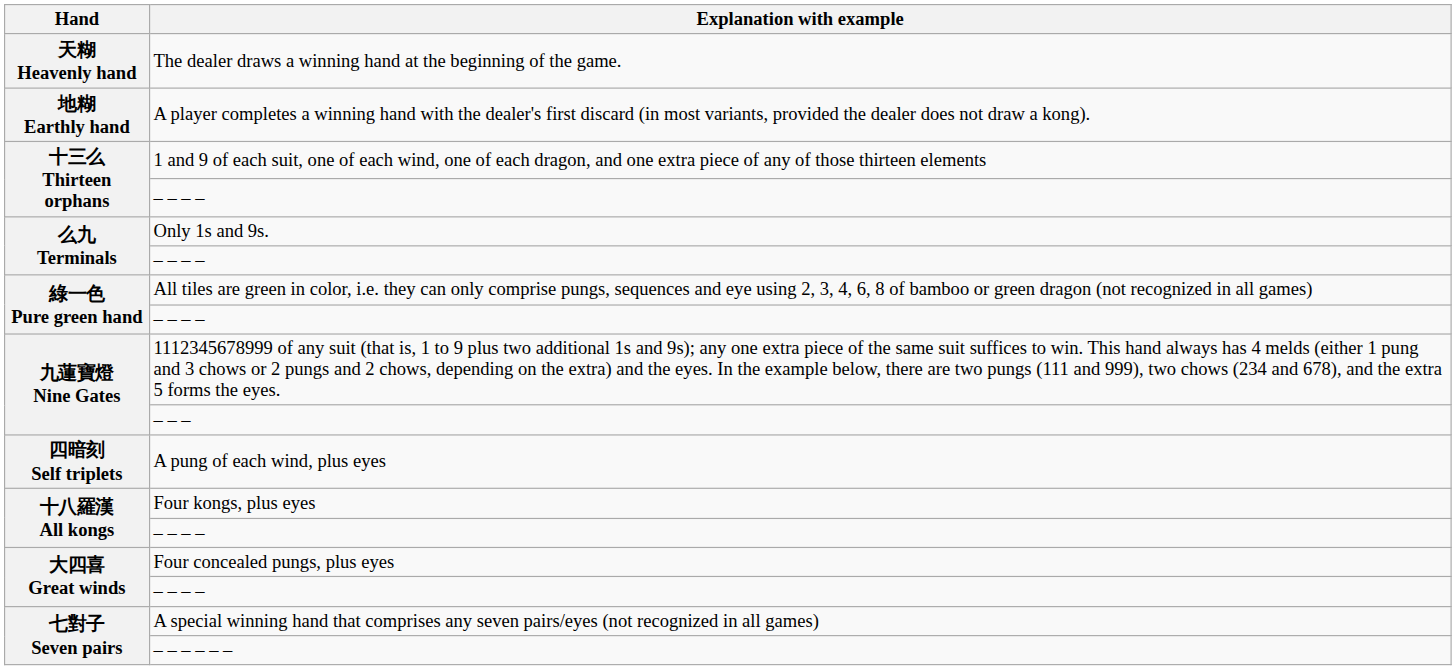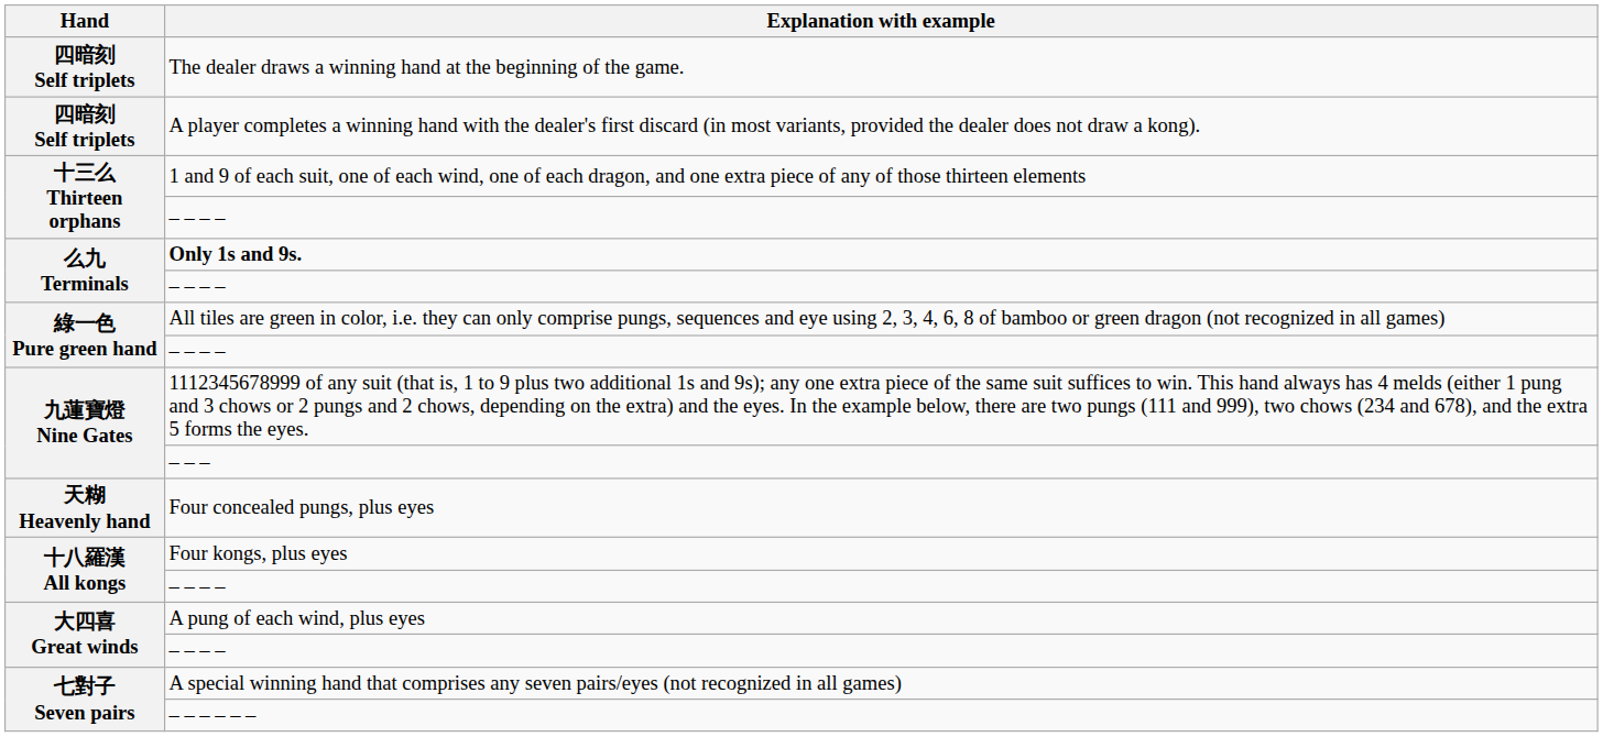 <table class="wikitable">
 <tr>
 <th width=10%>Hand</th>
 <th width=90%>Explanation with example</th>
 </tr>
 <tr>
-<th>天糊 <br>Heavenly hand</th>
+<th>四暗刻 <br>Self triplets</th>
 <td>The dealer draws a winning hand at the beginning of the game.</td>
 </tr>
 <tr>
-<th>地糊 <br>Earthly hand</th>
+<th>四暗刻 <br>Self triplets</th>
 <td>A player completes a winning hand with the dealer's first discard (in most variants, provided the dealer does not draw a kong).</td>
 </tr>
 <tr>
 <th rowspan=2>十三么 <br>Thirteen orphans</th>
 <td>1 and 9 of each suit, one of each wind, one of each dragon, and one extra piece of any of those thirteen elements</td>
 </tr>
 <tr>
 <td>    –    –   –   –   </td>
 </tr>
 <tr>
 <th rowspan=2>么九 <br>Terminals</th>
-<td>Only 1s and 9s.</td>
+<td><strong>Only 1s and 9s.</strong></td>
 </tr>
 <tr>
 <td>   –    –    –    –  </td>
 </tr>
 <tr>
 <th rowspan=2>綠一色 <br>Pure green hand</th>
 <td>All tiles are green in color, i.e. they can only comprise pungs, sequences and eye using 2, 3, 4, 6, 8 of bamboo or green dragon (not recognized in all games)</td>
 </tr>
 <tr>
 <td>   –    –    –    –  </td>
 </tr>
 <tr>
 <th rowspan=2>九蓮寶燈 <br>Nine Gates</th>
 <td>1112345678999 of any suit (that is, 1 to 9 plus two additional 1s and 9s); any one extra piece of the same suit suffices to win. This hand always has 4 melds (either 1 pung and 3 chows or 2 pungs and 2 chows, depending on the extra) and the eyes. In the example below, there are two pungs (111 and 999), two chows (234 and 678), and the extra 5 forms the eyes.</td>
 </tr>
 <tr>
 <td>   –        –    – </td>
 </tr>
 <tr>
-<th>四暗刻 <br>Self triplets</th>
-<td>A pung of each wind, plus eyes</td>
+<th>天糊 <br>Heavenly hand</th>
+<td>Four concealed pungs, plus eyes</td>
 </tr>
 <tr>
 <th rowspan=2>十八羅漢 <br>All kongs</th>
 <td>Four kongs, plus eyes</td>
 </tr>
 <tr>
 <td>    –     –     –     –  </td>
 </tr>
 <tr>
 <th rowspan=2>大四喜 <br>Great winds</th>
-<td>Four concealed pungs, plus eyes</td>
+<td>A pung of each wind, plus eyes</td>
 </tr>
 <tr>
 <td>   –    –    –    –  </td>
 </tr>
 <tr>
 <th rowspan=2>七對子 <br>Seven pairs</th>
 <td>A special winning hand that comprises any seven pairs/eyes (not recognized in all games)</td>
 </tr>
 <tr>
 <td>  –   –   –   –   –   –  </td>
 </tr>
 </table>
